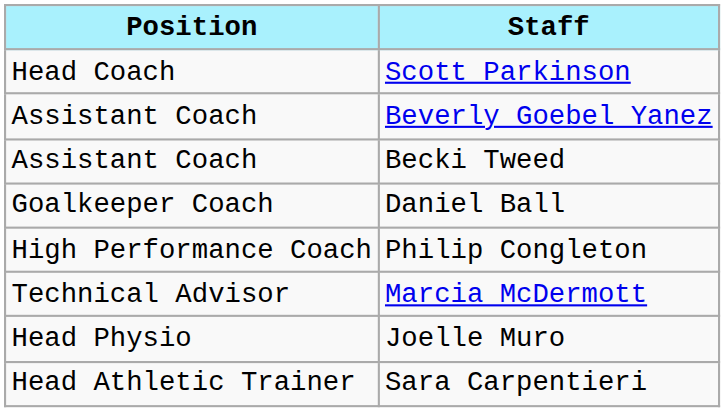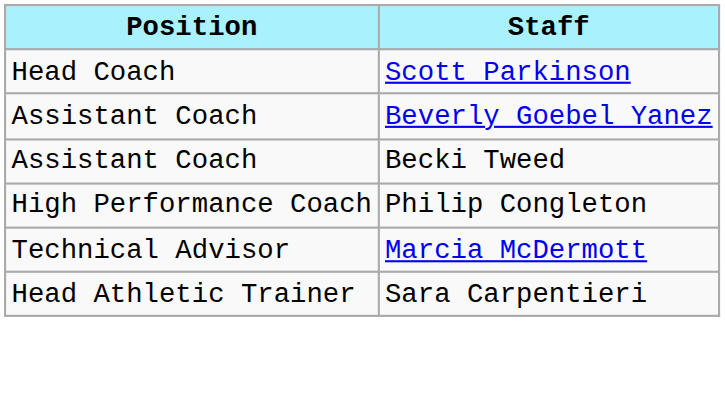 <table class="wikitable">
 <tr>
 <th style="background:#A9F1FD; color:#000000;">Position</th>
 <th style="background:#A9F1FD; color:#000000;">Staff</th>
 </tr>
 <tr>
 <td>Head Coach</td>
 <td> <a href='#'>Scott Parkinson</a></td>
 </tr>
 <tr>
 <td>Assistant Coach</td>
 <td> <a href='#'>Beverly Goebel Yanez</a></td>
 </tr>
 <tr>
 <td>Assistant Coach</td>
 <td> Becki Tweed</td>
 </tr>
 <tr>
-<td>Goalkeeper Coach</td>
-<td> Daniel Ball</td>
-</tr>
-<tr>
 <td>High Performance Coach</td>
 <td> Philip Congleton</td>
 </tr>
 <tr>
 <td>Technical Advisor</td>
 <td> <a href='#'>Marcia McDermott</a></td>
 </tr>
 <tr>
-<td>Head Physio</td>
-<td> Joelle Muro</td>
-</tr>
-<tr>
 <td>Head Athletic Trainer</td>
 <td> Sara Carpentieri</td>
 </tr>
 </table>
